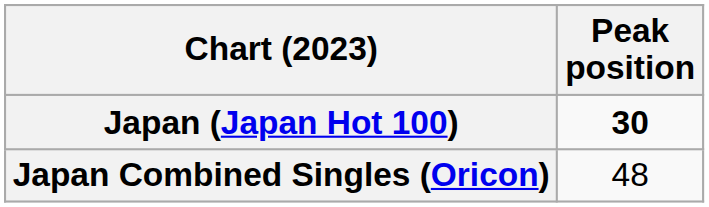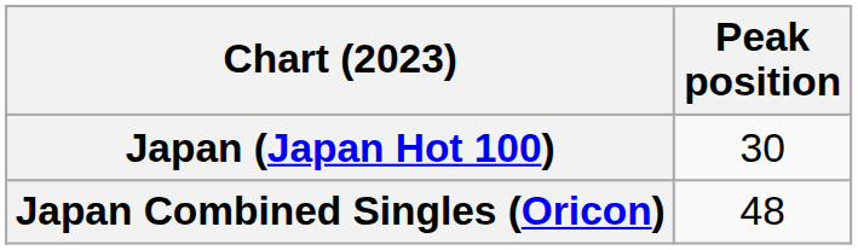 <table class="wikitable sortable plainrowheaders" style="text-align:center">
 <tr>
 <th scope="col">Chart (2023)</th>
 <th scope="col">Peak<br>position</th>
 </tr>
 <tr>
 <th scope="row">Japan (<a href='#'>Japan Hot 100</a>)</th>
-<td><strong>30</strong></td>
+<td>30</td>
 </tr>
 <tr>
 <th scope="row">Japan Combined Singles (<a href='#'>Oricon</a>)</th>
 <td>48</td>
 </tr>
 </table>
